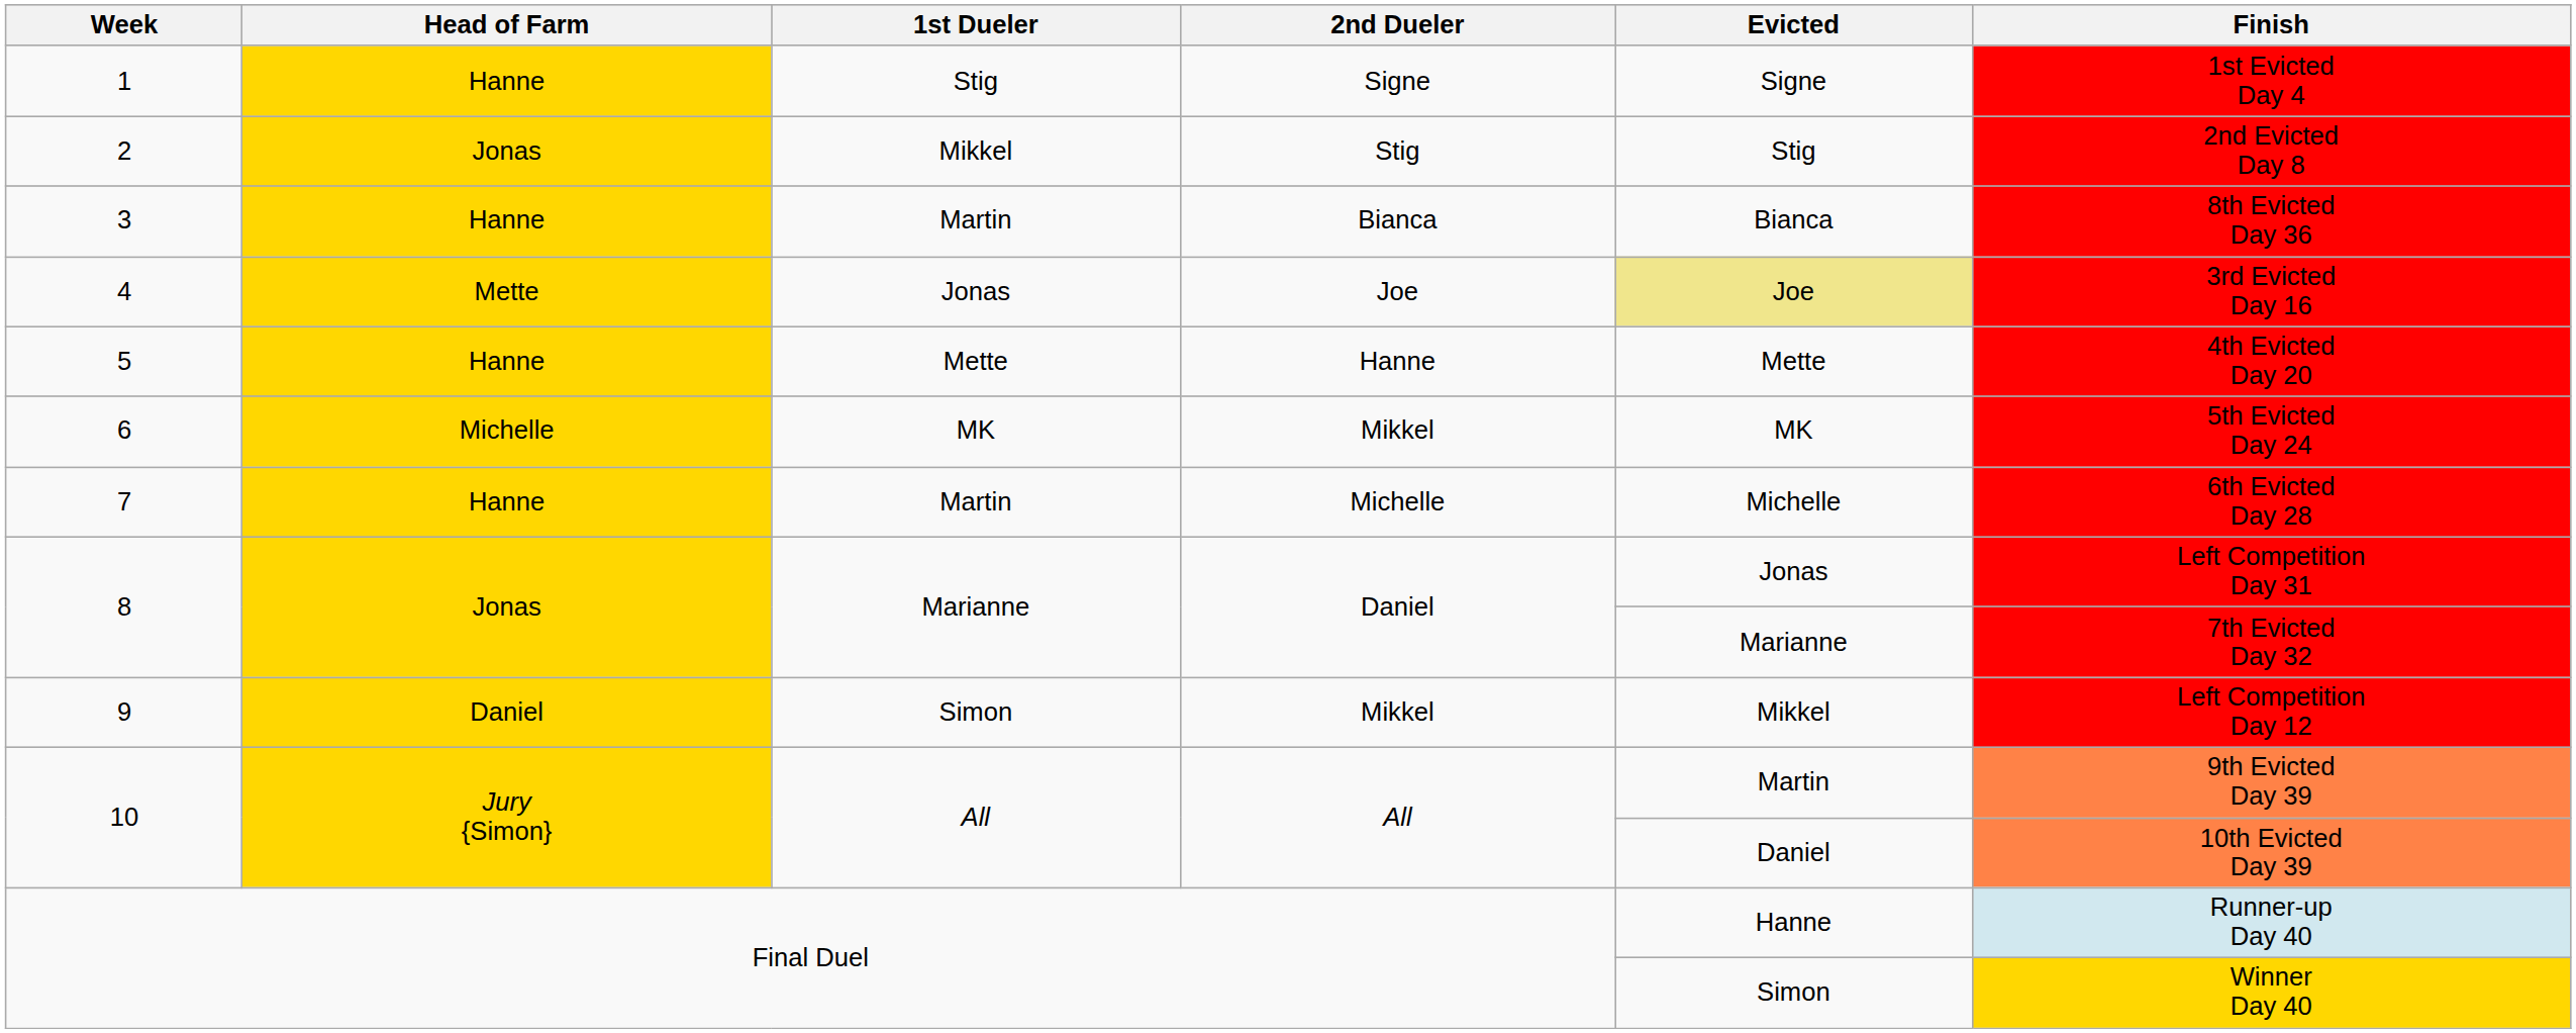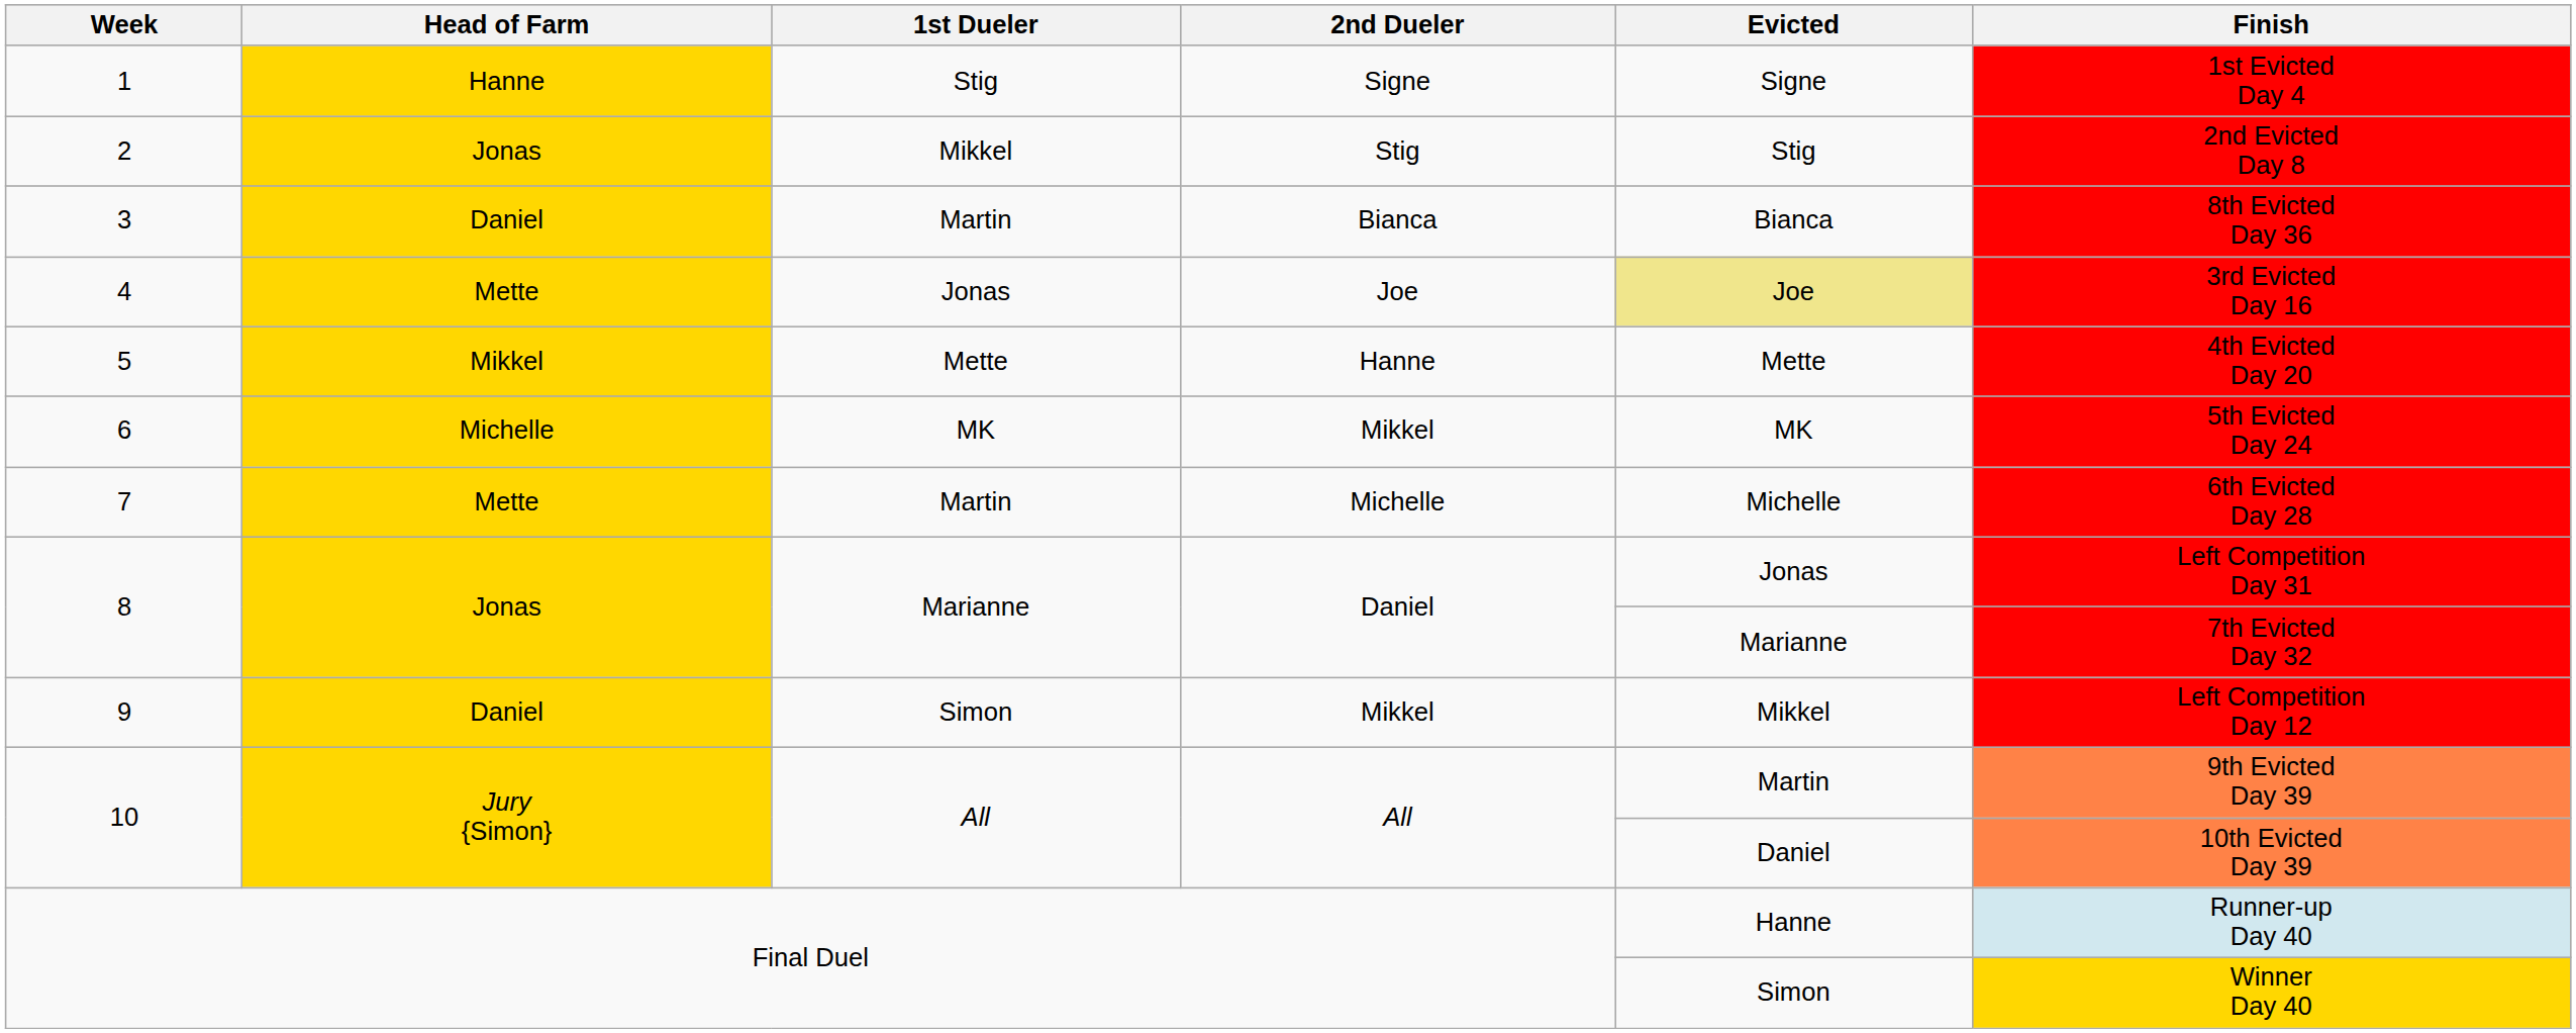 <table class="wikitable" style="font-size:100%; text-align:center; width: 80%; margin-left: auto; margin-right: auto;">
 <tr>
 <th>Week</th>
 <th>Head of Farm</th>
 <th>1st Dueler</th>
 <th>2nd Dueler</th>
 <th>Evicted</th>
 <th>Finish</th>
 </tr>
 <tr>
 <td>1</td>
 <td style="background:gold;">Hanne</td>
 <td>Stig</td>
 <td>Signe</td>
 <td>Signe</td>
 <td style="background:#ff0000">1st Evicted<br>Day 4</td>
 </tr>
 <tr>
 <td>2</td>
 <td style="background:gold;">Jonas</td>
 <td>Mikkel</td>
 <td>Stig</td>
 <td>Stig</td>
 <td style="background:#ff0000">2nd Evicted<br>Day 8</td>
 </tr>
 <tr>
 <td>3</td>
-<td style="background:gold;">Hanne</td>
+<td style="background:gold;">Daniel</td>
 <td>Martin</td>
 <td>Bianca</td>
 <td>Bianca</td>
 <td style="background:#ff0000">8th Evicted<br>Day 36</td>
 </tr>
 <tr>
 <td>4</td>
 <td style="background:gold;">Mette</td>
 <td>Jonas</td>
 <td>Joe</td>
 <td style="background: khaki;">Joe</td>
 <td style="background:#ff0000">3rd Evicted<br>Day 16</td>
 </tr>
 <tr>
 <td>5</td>
-<td style="background:gold;">Hanne</td>
+<td style="background:gold;">Mikkel</td>
 <td>Mette</td>
 <td>Hanne</td>
 <td>Mette</td>
 <td style="background:#ff0000">4th Evicted<br>Day 20</td>
 </tr>
 <tr>
 <td>6</td>
 <td style="background:gold;">Michelle</td>
 <td>MK</td>
 <td>Mikkel</td>
 <td>MK</td>
 <td style="background:#ff0000">5th Evicted<br>Day 24</td>
 </tr>
 <tr>
 <td>7</td>
-<td style="background:gold;">Hanne</td>
+<td style="background:gold;">Mette</td>
 <td>Martin</td>
 <td>Michelle</td>
 <td>Michelle</td>
 <td style="background:#ff0000">6th Evicted<br>Day 28</td>
 </tr>
 <tr>
 <td rowspan="2">8</td>
 <td rowspan="2" style="background:gold;">Jonas</td>
 <td rowspan="2">Marianne</td>
 <td rowspan="2">Daniel</td>
 <td rowspan="1">Jonas</td>
 <td rowspan="1" style="background:#ff0000">Left Competition<br>Day 31</td>
 </tr>
 <tr>
 <td rowspan="1">Marianne</td>
 <td rowspan="1" style="background:#ff0000">7th Evicted<br>Day 32</td>
 </tr>
 <tr>
 <td>9</td>
 <td style="background:gold;">Daniel</td>
 <td>Simon</td>
 <td>Mikkel</td>
 <td>Mikkel</td>
 <td style="background:#ff0000">Left Competition<br>Day 12</td>
 </tr>
 <tr>
 <td rowspan="2">10</td>
 <td rowspan="2" style="background:gold;"><em>Jury</em><br>{Simon}</td>
 <td rowspan="2"><em>All</em></td>
 <td rowspan="2"><em>All</em></td>
 <td>Martin</td>
 <td style="background:#FF8247;">9th Evicted<br>Day 39</td>
 </tr>
 <tr>
 <td>Daniel</td>
 <td style="background:#FF8247;">10th Evicted<br>Day 39</td>
 </tr>
 <tr>
 <td colspan="4" rowspan="2">Final Duel</td>
 <td>Hanne</td>
 <td style="background:#D1E8EF;">Runner-up<br>Day 40</td>
 </tr>
 <tr>
 <td>Simon</td>
 <td style="background:gold;">Winner<br>Day 40</td>
 </tr>
 </table>
